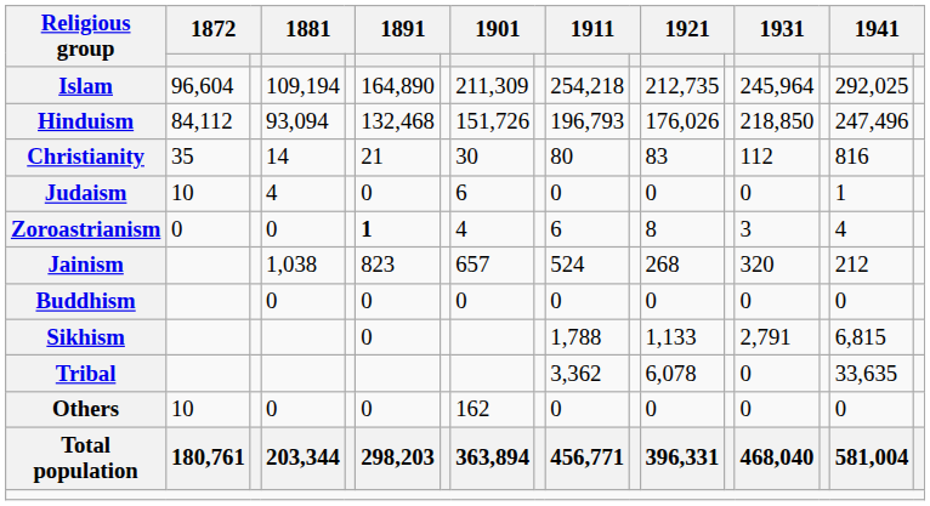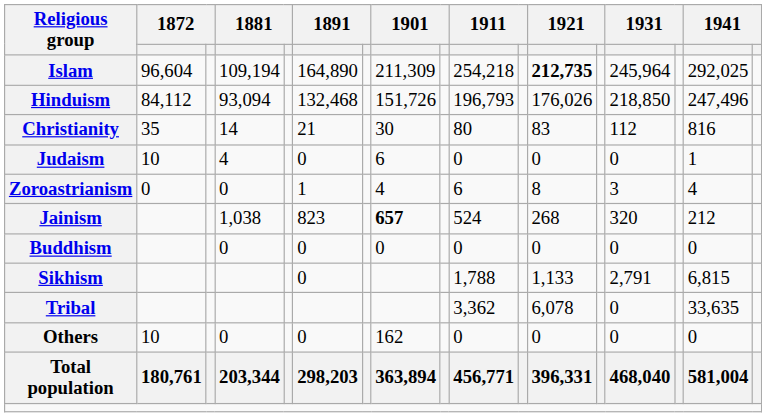 <table class="wikitable sortable">
 <tr>
 <th rowspan="2"><a href='#'>Religious</a><br>group</th>
 <th colspan="2">1872</th>
 <th colspan="2">1881</th>
 <th colspan="2">1891</th>
 <th colspan="2">1901</th>
 <th colspan="2">1911</th>
 <th colspan="2">1921</th>
 <th colspan="2">1931</th>
 <th colspan="2">1941</th>
 </tr>
 <tr>
 <th><a href='#'></a></th>
 <th></th>
 <th></th>
 <th></th>
 <th></th>
 <th></th>
 <th></th>
 <th></th>
 <th></th>
 <th></th>
 <th></th>
 <th></th>
 <th></th>
 <th></th>
 <th></th>
 <th></th>
 </tr>
 <tr>
 <th><a href='#'>Islam</a> </th>
 <td>96,604</td>
 <td></td>
 <td>109,194</td>
 <td></td>
 <td>164,890</td>
 <td></td>
 <td>211,309</td>
 <td></td>
 <td>254,218</td>
 <td></td>
-<td>212,735</td>
+<td><strong>212,735</strong></td>
 <td></td>
 <td>245,964</td>
 <td></td>
 <td>292,025</td>
 <td></td>
 </tr>
 <tr>
 <th><a href='#'>Hinduism</a> </th>
 <td>84,112</td>
 <td></td>
 <td>93,094</td>
 <td></td>
 <td>132,468</td>
 <td></td>
 <td>151,726</td>
 <td></td>
 <td>196,793</td>
 <td></td>
 <td>176,026</td>
 <td></td>
 <td>218,850</td>
 <td></td>
 <td>247,496</td>
 <td></td>
 </tr>
 <tr>
 <th><a href='#'>Christianity</a> </th>
 <td>35</td>
 <td></td>
 <td>14</td>
 <td></td>
 <td>21</td>
 <td></td>
 <td>30</td>
 <td></td>
 <td>80</td>
 <td></td>
 <td>83</td>
 <td></td>
 <td>112</td>
 <td></td>
 <td>816</td>
 <td></td>
 </tr>
 <tr>
 <th><a href='#'>Judaism</a> </th>
 <td>10</td>
 <td></td>
 <td>4</td>
 <td></td>
 <td>0</td>
 <td></td>
 <td>6</td>
 <td></td>
 <td>0</td>
 <td></td>
 <td>0</td>
 <td></td>
 <td>0</td>
 <td></td>
 <td>1</td>
 <td></td>
 </tr>
 <tr>
 <th><a href='#'>Zoroastrianism</a> </th>
 <td>0</td>
 <td></td>
 <td>0</td>
 <td></td>
-<td><strong>1</strong></td>
+<td>1</td>
 <td></td>
 <td>4</td>
 <td></td>
 <td>6</td>
 <td></td>
 <td>8</td>
 <td></td>
 <td>3</td>
 <td></td>
 <td>4</td>
 <td></td>
 </tr>
 <tr>
 <th><a href='#'>Jainism</a> </th>
 <td></td>
 <td></td>
 <td>1,038</td>
 <td></td>
 <td>823</td>
 <td></td>
-<td>657</td>
+<td><strong>657</strong></td>
 <td></td>
 <td>524</td>
 <td></td>
 <td>268</td>
 <td></td>
 <td>320</td>
 <td></td>
 <td>212</td>
 <td></td>
 </tr>
 <tr>
 <th><a href='#'>Buddhism</a> </th>
 <td></td>
 <td></td>
 <td>0</td>
 <td></td>
 <td>0</td>
 <td></td>
 <td>0</td>
 <td></td>
 <td>0</td>
 <td></td>
 <td>0</td>
 <td></td>
 <td>0</td>
 <td></td>
 <td>0</td>
 <td></td>
 </tr>
 <tr>
 <th><a href='#'>Sikhism</a> </th>
 <td></td>
 <td></td>
 <td></td>
 <td></td>
 <td>0</td>
 <td></td>
 <td></td>
 <td></td>
 <td>1,788</td>
 <td></td>
 <td>1,133</td>
 <td></td>
 <td>2,791</td>
 <td></td>
 <td>6,815</td>
 <td></td>
 </tr>
 <tr>
 <th><a href='#'>Tribal</a></th>
 <td></td>
 <td></td>
 <td></td>
 <td></td>
 <td></td>
 <td></td>
 <td></td>
 <td></td>
 <td>3,362</td>
 <td></td>
 <td>6,078</td>
 <td></td>
 <td>0</td>
 <td></td>
 <td>33,635</td>
 <td></td>
 </tr>
 <tr>
 <th>Others</th>
 <td>10</td>
 <td></td>
 <td>0</td>
 <td></td>
 <td>0</td>
 <td></td>
 <td>162</td>
 <td></td>
 <td>0</td>
 <td></td>
 <td>0</td>
 <td></td>
 <td>0</td>
 <td></td>
 <td>0</td>
 <td></td>
 </tr>
 <tr>
 <th>Total population</th>
 <th>180,761</th>
 <th></th>
 <th>203,344</th>
 <th></th>
 <th>298,203</th>
 <th></th>
 <th>363,894</th>
 <th></th>
 <th>456,771</th>
 <th></th>
 <th>396,331</th>
 <th></th>
 <th>468,040</th>
 <th></th>
 <th>581,004</th>
 <th></th>
 </tr>
 <tr class="sortbottom">
 <td colspan="20"></td>
 </tr>
 </table>
